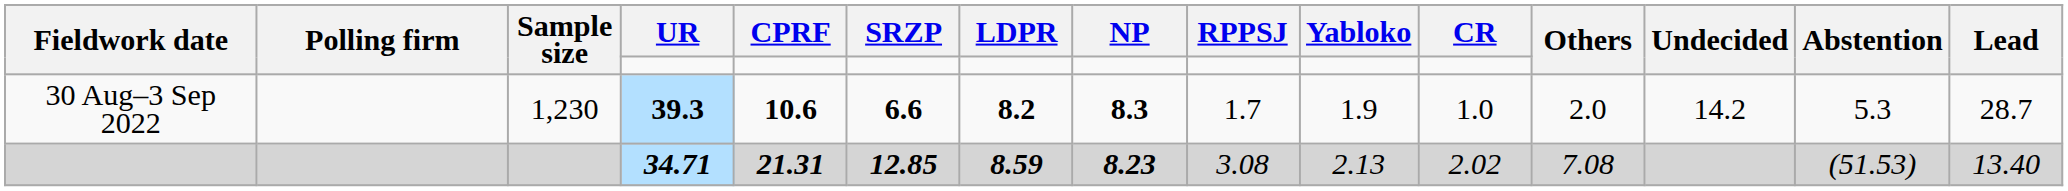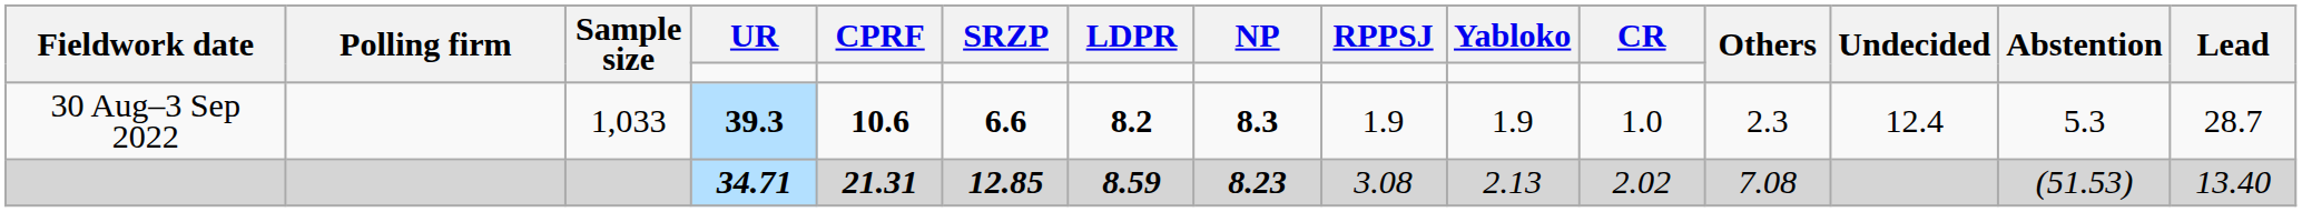 <table class=wikitable style="font-size:95%; line-height:14px; text-align:center">
 <tr>
 <th style=width:120px; rowspan=2>Fieldwork date</th>
 <th style=width:120px; rowspan=2>Polling firm</th>
 <th style=width:50px; rowspan=2>Sample<br>size</th>
 <th style="width:50px;"><a href='#'>UR</a></th>
 <th style="width:50px;"><a href='#'>CPRF</a></th>
 <th style="width:50px;"><a href='#'>SRZP</a></th>
 <th style="width:50px;"><a href='#'>LDPR</a></th>
 <th style="width:50px;"><a href='#'>NP</a></th>
 <th style="width:50px;"><a href='#'>RPPSJ</a></th>
 <th style="width:50px;"><a href='#'>Yabloko</a></th>
 <th style="width:50px;"><a href='#'>CR</a></th>
 <th style="width:50px;" rowspan=2>Others</th>
 <th style="width:50px;" rowspan=2>Undecided</th>
 <th style="width:50px;" rowspan=2>Abstention</th>
 <th style="width:50px;" rowspan="2">Lead</th>
 </tr>
 <tr>
 <td bgcolor=></td>
 <td bgcolor=></td>
 <td bgcolor=></td>
 <td bgcolor=></td>
 <td bgcolor=></td>
 <td bgcolor=></td>
 <td bgcolor=></td>
 <td bgcolor=></td>
 </tr>
 <tr>
 <td>30 Aug–3 Sep 2022</td>
 <td></td>
-<td>1,230</td>
+<td>1,033</td>
 <td style="background:#B3E0FF"><strong>39.3</strong></td>
 <td><strong>10.6</strong></td>
 <td><strong>6.6</strong></td>
 <td><strong>8.2</strong></td>
 <td><strong>8.3</strong></td>
-<td>1.7</td>
+<td>1.9</td>
 <td>1.9</td>
 <td>1.0</td>
-<td>2.0</td>
-<td>14.2</td>
+<td>2.3</td>
+<td>12.4</td>
 <td>5.3</td>
 <td style="background:">28.7</td>
 </tr>
 <tr style="background:#D5D5D5">
 <td></td>
 <td></td>
 <td></td>
 <td style="background:#B3E0FF"><strong><em>34.71</em></strong></td>
 <td><strong><em>21.31</em></strong></td>
 <td><strong><em>12.85</em></strong></td>
 <td><strong><em>8.59</em></strong></td>
 <td><strong><em>8.23</em></strong></td>
 <td><em>3.08</em></td>
 <td><em>2.13</em></td>
 <td><em>2.02</em></td>
 <td><em>7.08</em></td>
 <td></td>
 <td><em>(51.53)</em></td>
 <td style="background:"><em>13.40</em></td>
 </tr>
 </table>
